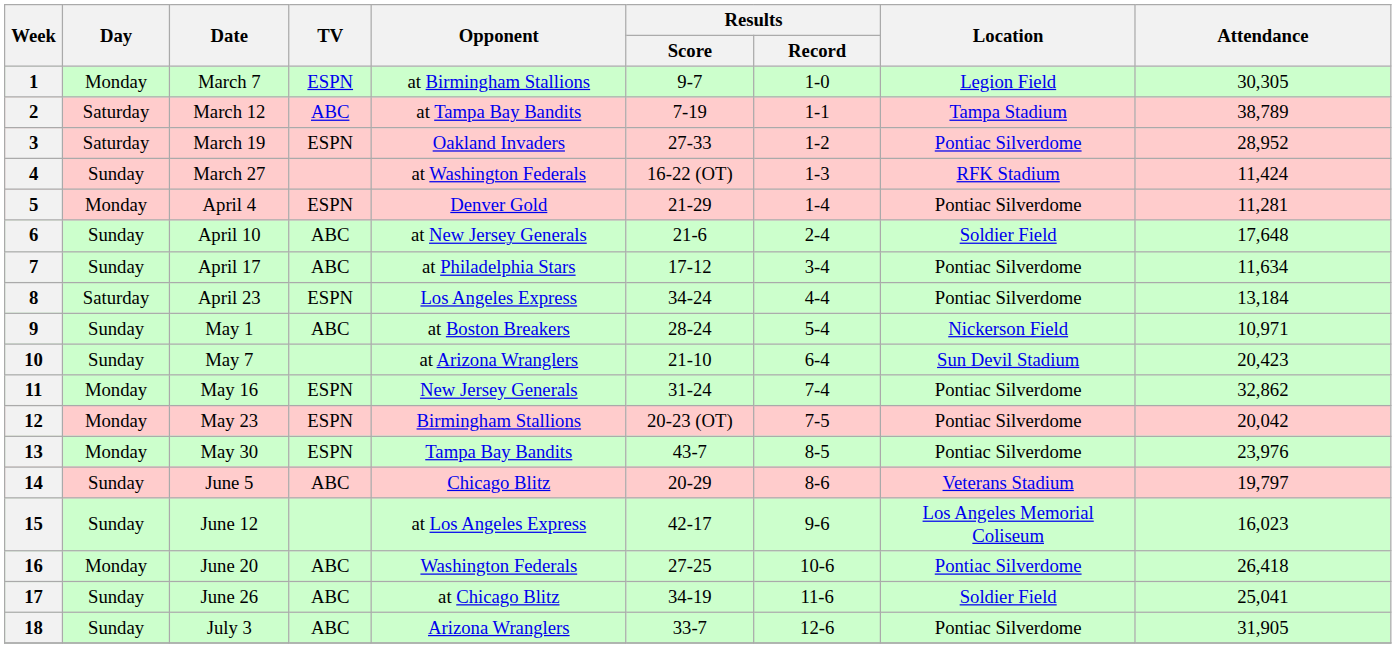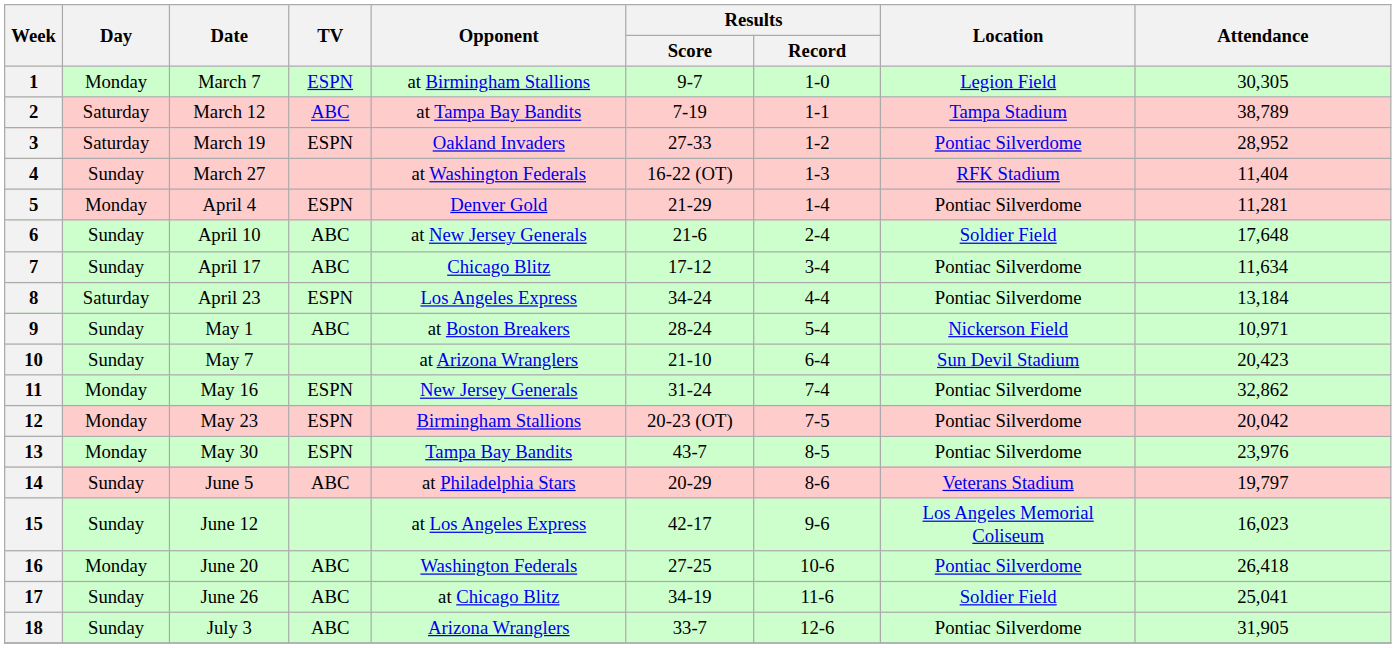 <table class="wikitable" style="text-align:center; font-size: 95%;">
 <tr>
 <th rowspan="2" width="40">Week</th>
 <th rowspan="2" width="80">Day</th>
 <th rowspan="2" width="90">Date</th>
 <th rowspan="2" width="60">TV</th>
 <th rowspan="2" width="200">Opponent</th>
 <th colspan="2" width="200">Results</th>
 <th rowspan="2" width="200">Location</th>
 <th rowspan="2" width="200">Attendance</th>
 </tr>
 <tr>
 <th width="60">Score</th>
 <th width="60">Record</th>
 </tr>
 <tr bgcolor=#ccffcc>
 <th>1</th>
 <td>Monday</td>
 <td>March 7</td>
 <td><a href='#'>ESPN</a></td>
 <td>at <a href='#'>Birmingham Stallions</a></td>
 <td>9-7</td>
 <td>1-0</td>
 <td><a href='#'>Legion Field</a></td>
 <td>30,305</td>
 </tr>
 <tr bgcolor=#ffcccc>
 <th>2</th>
 <td>Saturday</td>
 <td>March 12</td>
 <td><a href='#'>ABC</a></td>
 <td>at <a href='#'>Tampa Bay Bandits</a></td>
 <td>7-19</td>
 <td>1-1</td>
 <td><a href='#'>Tampa Stadium</a></td>
 <td>38,789</td>
 </tr>
 <tr bgcolor=#ffcccc>
 <th>3</th>
 <td>Saturday</td>
 <td>March 19</td>
 <td>ESPN</td>
 <td><a href='#'>Oakland Invaders</a></td>
 <td>27-33</td>
 <td>1-2</td>
 <td><a href='#'>Pontiac Silverdome</a></td>
 <td>28,952</td>
 </tr>
 <tr bgcolor=#ffcccc>
 <th>4</th>
 <td>Sunday</td>
 <td>March 27</td>
 <td></td>
 <td>at <a href='#'>Washington Federals</a></td>
 <td>16-22 (OT)</td>
 <td>1-3</td>
 <td><a href='#'>RFK Stadium</a></td>
-<td>11,424</td>
+<td>11,404</td>
 </tr>
 <tr bgcolor=#ffcccc>
 <th>5</th>
 <td>Monday</td>
 <td>April 4</td>
 <td>ESPN</td>
 <td><a href='#'>Denver Gold</a></td>
 <td>21-29</td>
 <td>1-4</td>
 <td>Pontiac Silverdome</td>
 <td>11,281</td>
 </tr>
 <tr bgcolor=#ccffcc>
 <th>6</th>
 <td>Sunday</td>
 <td>April 10</td>
 <td>ABC</td>
 <td>at <a href='#'>New Jersey Generals</a></td>
 <td>21-6</td>
 <td>2-4</td>
 <td><a href='#'>Soldier Field</a></td>
 <td>17,648</td>
 </tr>
 <tr bgcolor=#ccffcc>
 <th>7</th>
 <td>Sunday</td>
 <td>April 17</td>
 <td>ABC</td>
-<td>at <a href='#'>Philadelphia Stars</a></td>
+<td><a href='#'>Chicago Blitz</a></td>
 <td>17-12</td>
 <td>3-4</td>
 <td>Pontiac Silverdome</td>
 <td>11,634</td>
 </tr>
 <tr bgcolor=#ccffcc>
 <th>8</th>
 <td>Saturday</td>
 <td>April 23</td>
 <td>ESPN</td>
 <td><a href='#'>Los Angeles Express</a></td>
 <td>34-24</td>
 <td>4-4</td>
 <td>Pontiac Silverdome</td>
 <td>13,184</td>
 </tr>
 <tr bgcolor=#ccffcc>
 <th>9</th>
 <td>Sunday</td>
 <td>May 1</td>
 <td>ABC</td>
 <td>at <a href='#'>Boston Breakers</a></td>
 <td>28-24</td>
 <td>5-4</td>
 <td><a href='#'>Nickerson Field</a></td>
 <td>10,971</td>
 </tr>
 <tr bgcolor=#ccffcc>
 <th>10</th>
 <td>Sunday</td>
 <td>May 7</td>
 <td></td>
 <td>at <a href='#'>Arizona Wranglers</a></td>
 <td>21-10</td>
 <td>6-4</td>
 <td><a href='#'>Sun Devil Stadium</a></td>
 <td>20,423</td>
 </tr>
 <tr bgcolor=#ccffcc>
 <th>11</th>
 <td>Monday</td>
 <td>May 16</td>
 <td>ESPN</td>
 <td><a href='#'>New Jersey Generals</a></td>
 <td>31-24</td>
 <td>7-4</td>
 <td>Pontiac Silverdome</td>
 <td>32,862</td>
 </tr>
 <tr bgcolor=#ffcccc>
 <th>12</th>
 <td>Monday</td>
 <td>May 23</td>
 <td>ESPN</td>
 <td><a href='#'>Birmingham Stallions</a></td>
 <td>20-23 (OT)</td>
 <td>7-5</td>
 <td>Pontiac Silverdome</td>
 <td>20,042</td>
 </tr>
 <tr bgcolor=#ccffcc>
 <th>13</th>
 <td>Monday</td>
 <td>May 30</td>
 <td>ESPN</td>
 <td><a href='#'>Tampa Bay Bandits</a></td>
 <td>43-7</td>
 <td>8-5</td>
 <td>Pontiac Silverdome</td>
 <td>23,976</td>
 </tr>
 <tr bgcolor=#ffcccc>
 <th>14</th>
 <td>Sunday</td>
 <td>June 5</td>
 <td>ABC</td>
-<td><a href='#'>Chicago Blitz</a></td>
+<td>at <a href='#'>Philadelphia Stars</a></td>
 <td>20-29</td>
 <td>8-6</td>
 <td><a href='#'>Veterans Stadium</a></td>
 <td>19,797</td>
 </tr>
 <tr bgcolor=#ccffcc>
 <th>15</th>
 <td>Sunday</td>
 <td>June 12</td>
 <td></td>
 <td>at <a href='#'>Los Angeles Express</a></td>
 <td>42-17</td>
 <td>9-6</td>
 <td><a href='#'>Los Angeles Memorial Coliseum</a></td>
 <td>16,023</td>
 </tr>
 <tr bgcolor=#ccffcc>
 <th>16</th>
 <td>Monday</td>
 <td>June 20</td>
 <td>ABC</td>
 <td><a href='#'>Washington Federals</a></td>
 <td>27-25</td>
 <td>10-6</td>
 <td><a href='#'>Pontiac Silverdome</a></td>
 <td>26,418</td>
 </tr>
 <tr bgcolor=#ccffcc>
 <th>17</th>
 <td>Sunday</td>
 <td>June 26</td>
 <td>ABC</td>
 <td>at <a href='#'>Chicago Blitz</a></td>
 <td>34-19</td>
 <td>11-6</td>
 <td><a href='#'>Soldier Field</a></td>
 <td>25,041</td>
 </tr>
 <tr bgcolor=#ccffcc>
 <th>18</th>
 <td>Sunday</td>
 <td>July 3</td>
 <td>ABC</td>
 <td><a href='#'>Arizona Wranglers</a></td>
 <td>33-7</td>
 <td>12-6</td>
 <td>Pontiac Silverdome</td>
 <td>31,905</td>
 </tr>
 <tr bgcolor=#ccffcc>
 </tr>
 </table>
